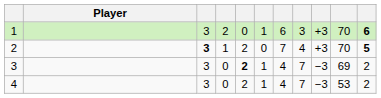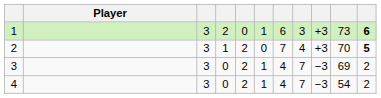 <table class="wikitable" style="text-align:center; margin: 1em auto 1em auto, align:left">
 <tr>
 <th width=20></th>
 <th width=240>Player</th>
 <th width=20></th>
 <th width=20></th>
 <th width=20></th>
 <th width=20></th>
 <th width=20></th>
 <th width=20></th>
 <th width=20></th>
 <th width=30></th>
 <th width=20></th>
 </tr>
 <tr style="background:#D0F0C0;">
 <td>1</td>
 <td align=left></td>
 <td>3</td>
 <td>2</td>
 <td>0</td>
 <td>1</td>
 <td>6</td>
 <td>3</td>
 <td>+3</td>
-<td>70</td>
+<td>73</td>
 <td><strong>6</strong></td>
 </tr>
 <tr style=>
 <td>2</td>
 <td align=left></td>
-<td><strong>3</strong></td>
+<td>3</td>
 <td>1</td>
 <td>2</td>
 <td>0</td>
 <td>7</td>
 <td>4</td>
 <td>+3</td>
 <td>70</td>
 <td><strong>5</strong></td>
 </tr>
 <tr style=>
 <td>3</td>
 <td align=left></td>
 <td>3</td>
 <td>0</td>
-<td><strong>2</strong></td>
+<td>2</td>
 <td>1</td>
 <td>4</td>
 <td>7</td>
 <td>−3</td>
 <td>69</td>
 <td>2</td>
 </tr>
 <tr style=>
 <td>4</td>
 <td align=left></td>
 <td>3</td>
 <td>0</td>
 <td>2</td>
 <td>1</td>
 <td>4</td>
 <td>7</td>
 <td>−3</td>
-<td>53</td>
+<td>54</td>
 <td>2</td>
 </tr>
 </table>
